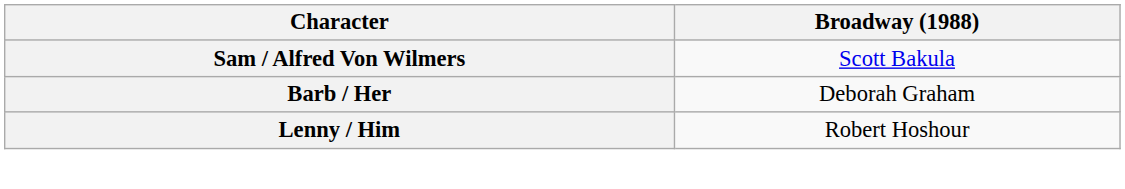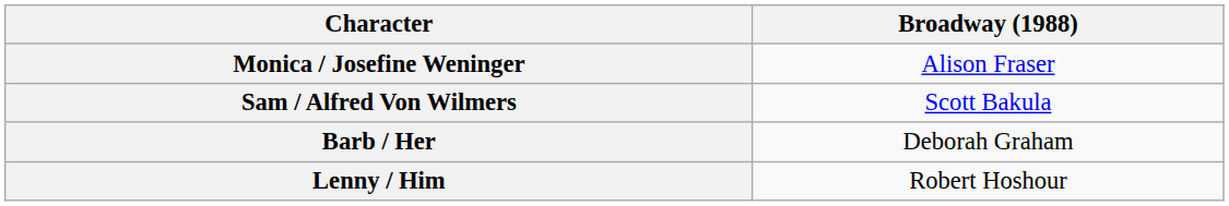 <table class="wikitable" style="width:50%; text-align:center">
 <tr>
 <th scope="col">Character</th>
 <th>Broadway (1988)</th>
+</tr>
+<tr>
+<th>Monica / Josefine Weninger</th>
+<td colspan="1"><a href='#'>Alison Fraser</a></td>
 </tr>
 <tr>
 <th>Sam / Alfred Von Wilmers</th>
 <td colspan="1”"><a href='#'>Scott Bakula</a></td>
 </tr>
 <tr>
 <th>Barb / Her</th>
 <td colspan="1”">Deborah Graham</td>
 </tr>
 <tr>
 <th>Lenny / Him</th>
 <td colspan="1">Robert Hoshour</td>
 </tr>
 </table>
